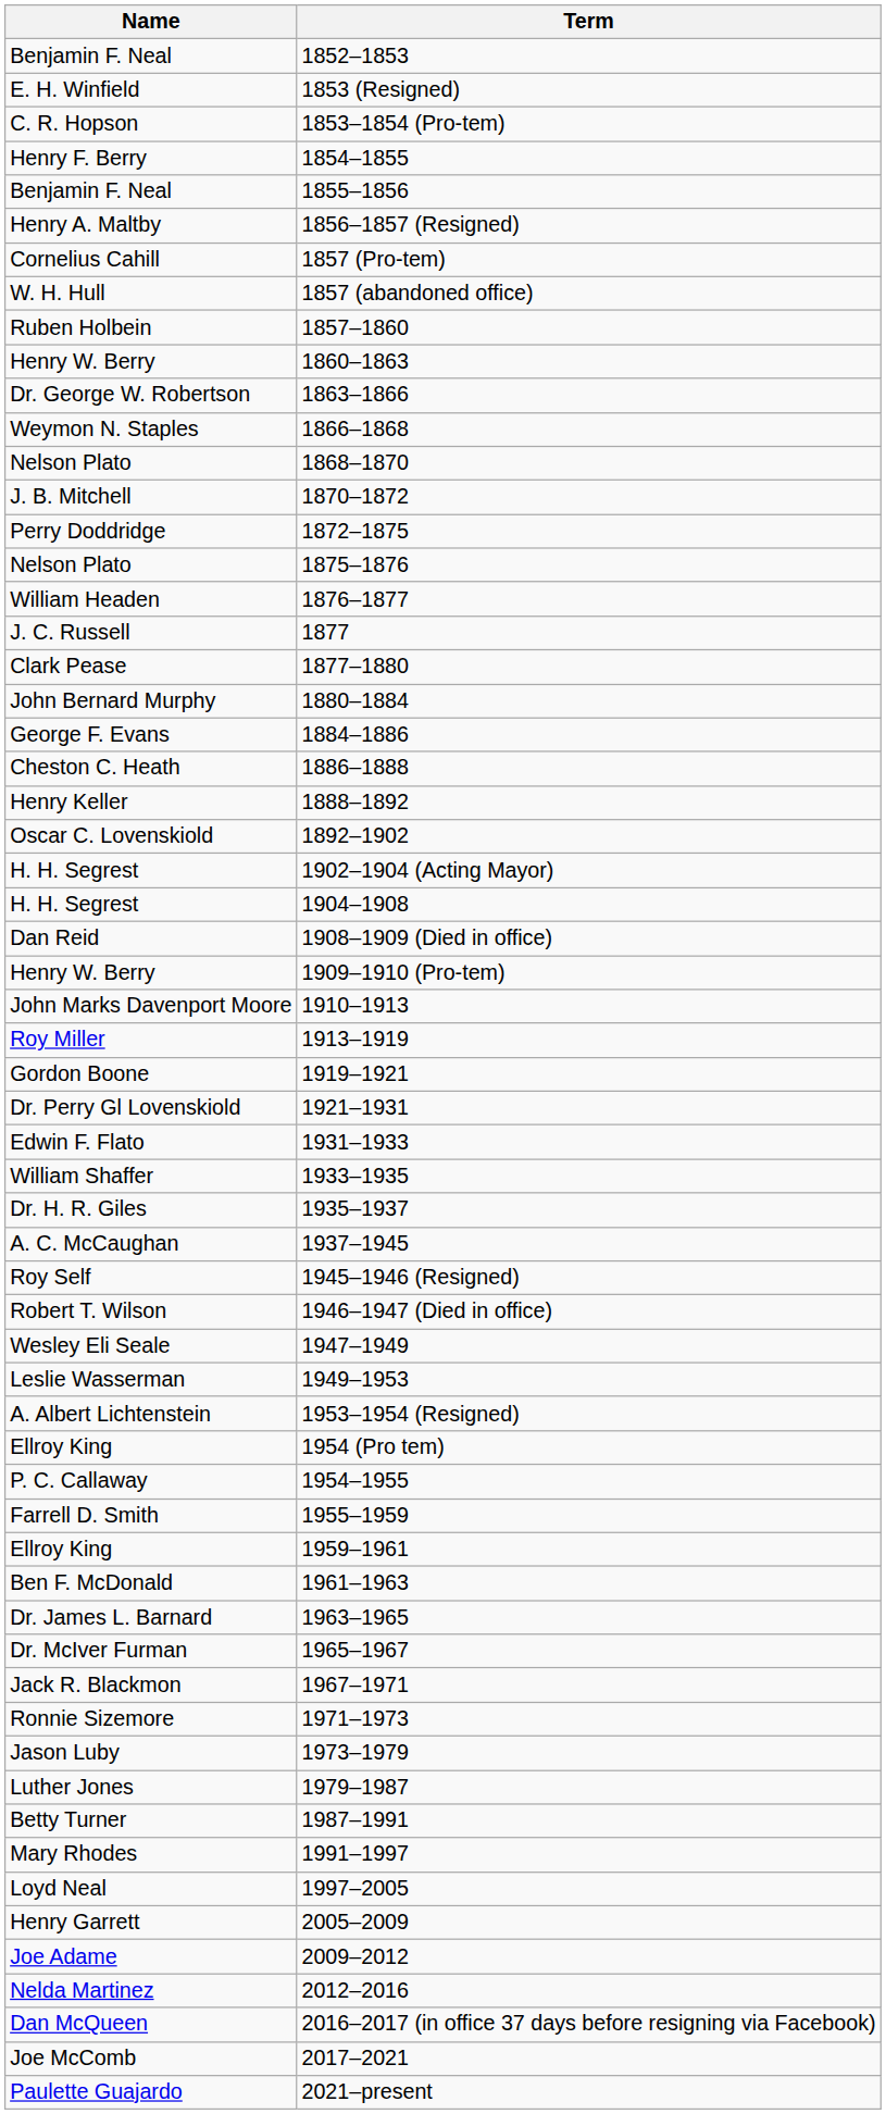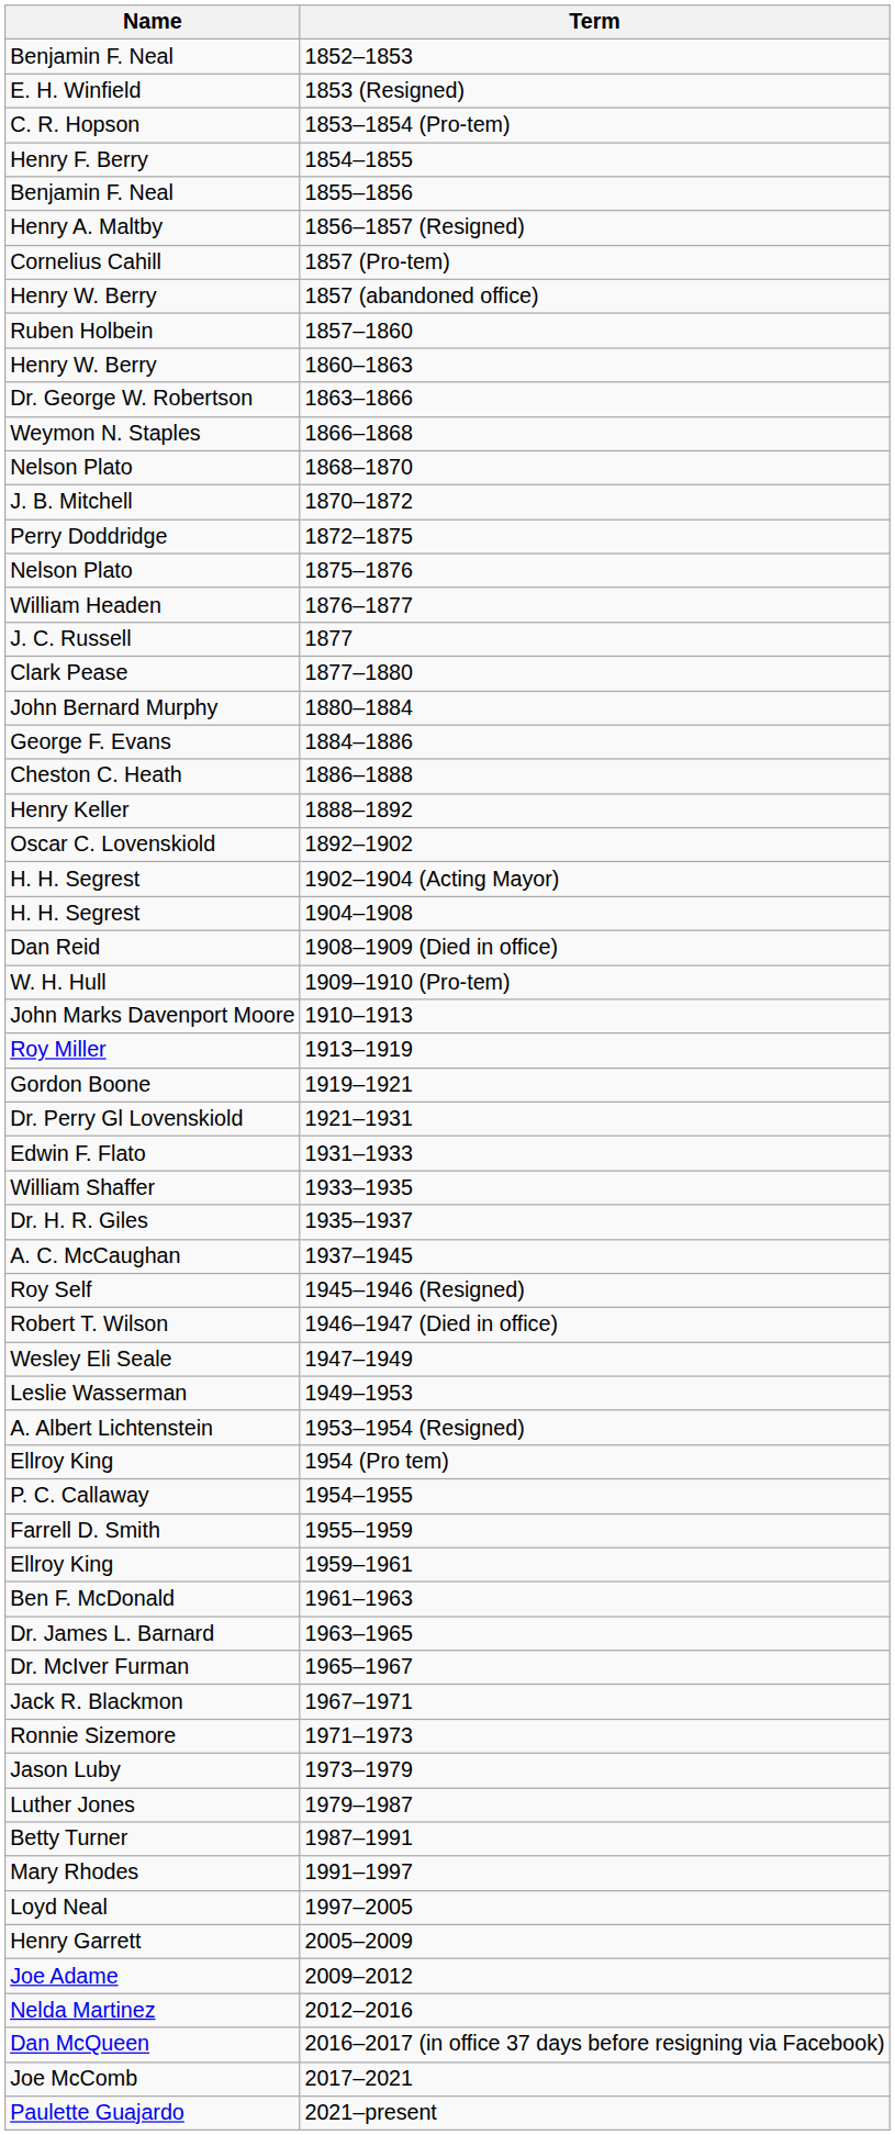 <table class="wikitable" border="1">
 <tr>
 <th>Name</th>
 <th>Term</th>
 </tr>
 <tr>
 <td>Benjamin F. Neal</td>
 <td>1852–1853</td>
 </tr>
 <tr>
 <td>E. H. Winfield</td>
 <td>1853 (Resigned)</td>
 </tr>
 <tr>
 <td>C. R. Hopson</td>
 <td>1853–1854 (Pro-tem)</td>
 </tr>
 <tr>
 <td>Henry F. Berry</td>
 <td>1854–1855</td>
 </tr>
 <tr>
 <td>Benjamin F. Neal</td>
 <td>1855–1856</td>
 </tr>
 <tr>
 <td>Henry A. Maltby</td>
 <td>1856–1857 (Resigned)</td>
 </tr>
 <tr>
 <td>Cornelius Cahill</td>
 <td>1857 (Pro-tem)</td>
 </tr>
 <tr>
-<td>W. H. Hull</td>
+<td>Henry W. Berry</td>
 <td>1857 (abandoned office)</td>
 </tr>
 <tr>
 <td>Ruben Holbein</td>
 <td>1857–1860</td>
 </tr>
 <tr>
 <td>Henry W. Berry</td>
 <td>1860–1863</td>
 </tr>
 <tr>
 <td>Dr. George W. Robertson</td>
 <td>1863–1866</td>
 </tr>
 <tr>
 <td>Weymon N. Staples</td>
 <td>1866–1868</td>
 </tr>
 <tr>
 <td>Nelson Plato</td>
 <td>1868–1870</td>
 </tr>
 <tr>
 <td>J. B. Mitchell</td>
 <td>1870–1872</td>
 </tr>
 <tr>
 <td>Perry Doddridge</td>
 <td>1872–1875</td>
 </tr>
 <tr>
 <td>Nelson Plato</td>
 <td>1875–1876</td>
 </tr>
 <tr>
 <td>William Headen</td>
 <td>1876–1877</td>
 </tr>
 <tr>
 <td>J. C. Russell</td>
 <td>1877</td>
 </tr>
 <tr>
 <td>Clark Pease</td>
 <td>1877–1880</td>
 </tr>
 <tr>
 <td>John Bernard Murphy</td>
 <td>1880–1884</td>
 </tr>
 <tr>
 <td>George F. Evans</td>
 <td>1884–1886</td>
 </tr>
 <tr>
 <td>Cheston C. Heath</td>
 <td>1886–1888</td>
 </tr>
 <tr>
 <td>Henry Keller</td>
 <td>1888–1892</td>
 </tr>
 <tr>
 <td>Oscar C. Lovenskiold</td>
 <td>1892–1902</td>
 </tr>
 <tr>
 <td>H. H. Segrest</td>
 <td>1902–1904 (Acting Mayor)</td>
 </tr>
 <tr>
 <td>H. H. Segrest</td>
 <td>1904–1908</td>
 </tr>
 <tr>
 <td>Dan Reid</td>
 <td>1908–1909 (Died in office)</td>
 </tr>
 <tr>
-<td>Henry W. Berry</td>
+<td>W. H. Hull</td>
 <td>1909–1910 (Pro-tem)</td>
 </tr>
 <tr>
 <td>John Marks Davenport Moore</td>
 <td>1910–1913</td>
 </tr>
 <tr>
 <td><a href='#'>Roy Miller</a></td>
 <td>1913–1919</td>
 </tr>
 <tr>
 <td>Gordon Boone</td>
 <td>1919–1921</td>
 </tr>
 <tr>
 <td>Dr. Perry Gl Lovenskiold</td>
 <td>1921–1931</td>
 </tr>
 <tr>
 <td>Edwin F. Flato</td>
 <td>1931–1933</td>
 </tr>
 <tr>
 <td>William Shaffer</td>
 <td>1933–1935</td>
 </tr>
 <tr>
 <td>Dr. H. R. Giles</td>
 <td>1935–1937</td>
 </tr>
 <tr>
 <td>A. C. McCaughan</td>
 <td>1937–1945</td>
 </tr>
 <tr>
 <td>Roy Self</td>
 <td>1945–1946 (Resigned)</td>
 </tr>
 <tr>
 <td>Robert T. Wilson</td>
 <td>1946–1947 (Died in office)</td>
 </tr>
 <tr>
 <td>Wesley Eli Seale</td>
 <td>1947–1949</td>
 </tr>
 <tr>
 <td>Leslie Wasserman</td>
 <td>1949–1953</td>
 </tr>
 <tr>
 <td>A. Albert Lichtenstein</td>
 <td>1953–1954 (Resigned)</td>
 </tr>
 <tr>
 <td>Ellroy King</td>
 <td>1954 (Pro tem)</td>
 </tr>
 <tr>
 <td>P. C. Callaway</td>
 <td>1954–1955</td>
 </tr>
 <tr>
 <td>Farrell D. Smith</td>
 <td>1955–1959</td>
 </tr>
 <tr>
 <td>Ellroy King</td>
 <td>1959–1961</td>
 </tr>
 <tr>
 <td>Ben F. McDonald</td>
 <td>1961–1963</td>
 </tr>
 <tr>
 <td>Dr. James L. Barnard</td>
 <td>1963–1965</td>
 </tr>
 <tr>
 <td>Dr. McIver Furman</td>
 <td>1965–1967</td>
 </tr>
 <tr>
 <td>Jack R. Blackmon</td>
 <td>1967–1971</td>
 </tr>
 <tr>
 <td>Ronnie Sizemore</td>
 <td>1971–1973</td>
 </tr>
 <tr>
 <td>Jason Luby</td>
 <td>1973–1979</td>
 </tr>
 <tr>
 <td>Luther Jones</td>
 <td>1979–1987</td>
 </tr>
 <tr>
 <td>Betty Turner</td>
 <td>1987–1991</td>
 </tr>
 <tr>
 <td>Mary Rhodes</td>
 <td>1991–1997</td>
 </tr>
 <tr>
 <td>Loyd Neal</td>
 <td>1997–2005</td>
 </tr>
 <tr>
 <td>Henry Garrett</td>
 <td>2005–2009</td>
 </tr>
 <tr>
 <td><a href='#'>Joe Adame</a></td>
 <td>2009–2012</td>
 </tr>
 <tr>
 <td><a href='#'>Nelda Martinez</a></td>
 <td>2012–2016</td>
 </tr>
 <tr>
 <td><a href='#'>Dan McQueen</a></td>
 <td>2016–2017 (in office 37 days before resigning via Facebook)</td>
 </tr>
 <tr>
 <td>Joe McComb</td>
 <td>2017–2021</td>
 </tr>
 <tr>
 <td><a href='#'>Paulette Guajardo</a></td>
 <td>2021–present</td>
 </tr>
 </table>
